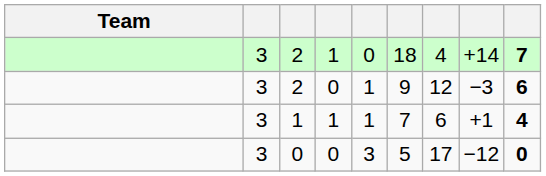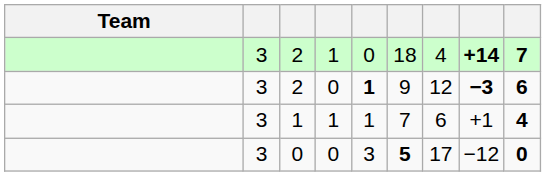 <table class="wikitable" style="text-align: center;">
 <tr>
 <th width=175>Team</th>
 <th width=20></th>
 <th width=20></th>
 <th width=20></th>
 <th width=20></th>
 <th width=20></th>
 <th width=20></th>
 <th width=20></th>
 <th width=20></th>
 </tr>
 <tr bgcolor="#ccffcc">
 <td style="text-align:left;"><em></em></td>
 <td>3</td>
 <td>2</td>
 <td>1</td>
 <td>0</td>
 <td>18</td>
 <td>4</td>
-<td>+14</td>
+<td><strong>+14</strong></td>
 <td><strong>7</strong></td>
 </tr>
 <tr align=center>
 <td style="text-align:left;"></td>
 <td>3</td>
 <td>2</td>
 <td>0</td>
-<td>1</td>
+<td><strong>1</strong></td>
 <td>9</td>
 <td>12</td>
-<td>−3</td>
+<td><strong>−3</strong></td>
 <td><strong>6</strong></td>
 </tr>
 <tr align=center>
 <td style="text-align:left;"></td>
 <td>3</td>
 <td>1</td>
 <td>1</td>
 <td>1</td>
 <td>7</td>
 <td>6</td>
 <td>+1</td>
 <td><strong>4</strong></td>
 </tr>
 <tr align=center>
 <td style="text-align:left;"></td>
 <td>3</td>
 <td>0</td>
 <td>0</td>
 <td>3</td>
-<td>5</td>
+<td><strong>5</strong></td>
 <td>17</td>
 <td>−12</td>
 <td><strong>0</strong></td>
 </tr>
 </table>
